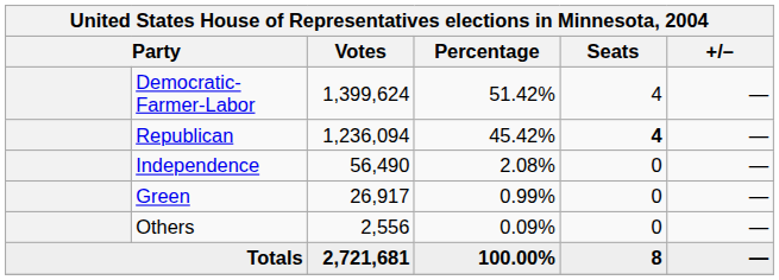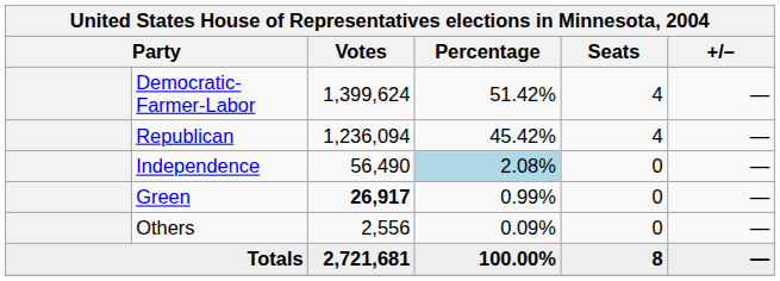 <table class="wikitable" style="font-size: 95%;">
 <tr>
 <th colspan="6">United States House of Representatives elections in Minnesota, 2004 </th>
 </tr>
 <tr>
 <th colspan=2 style="width: 15em">Party</th>
 <th style="width: 5em">Votes</th>
 <th style="width: 7em">Percentage</th>
 <th style="width: 5em">Seats</th>
 <th style="width: 5em">+/–</th>
 </tr>
 <tr>
 <th style="background-color:"></th>
 <td style="width: 130px"><a href='#'>Democratic-Farmer-Labor</a></td>
 <td align="right">1,399,624</td>
 <td align="right">51.42%</td>
 <td align="right">4</td>
 <td align="right">—</td>
 </tr>
 <tr>
 <th style="background-color:"></th>
 <td style="width: 130px"><a href='#'>Republican</a></td>
 <td align="right">1,236,094</td>
 <td align="right">45.42%</td>
-<td align="right"><strong>4</strong></td>
+<td align="right">4</td>
 <td align="right">—</td>
 </tr>
 <tr>
 <th style="background-color:"></th>
 <td style="width: 130px"><a href='#'>Independence</a></td>
 <td align="right">56,490</td>
-<td align="right">2.08%</td>
+<td align="right" style="background: lightblue;">2.08%</td>
 <td align="right">0</td>
 <td align="right">—</td>
 </tr>
 <tr>
 <th style="background-color:"></th>
 <td style="width: 130px"><a href='#'>Green</a></td>
-<td align="right">26,917</td>
+<td align="right"><strong>26,917</strong></td>
 <td align="right">0.99%</td>
 <td align="right">0</td>
 <td align="right">—</td>
 </tr>
 <tr>
 <th style="background-color:"></th>
 <td style="width: 130px">Others</td>
 <td align="right">2,556</td>
 <td align="right">0.09%</td>
 <td align="right">0</td>
 <td align="right">—</td>
 </tr>
 <tr bgcolor="#EEEEEE">
 <td colspan="2" align="right"><strong>Totals</strong></td>
 <td align="right"><strong>2,721,681</strong></td>
 <td align="right"><strong>100.00%</strong></td>
 <td align="right"><strong>8</strong></td>
 <td align="right"><strong>—</strong></td>
 </tr>
 <tr bgcolor="#EEEEEE">
 </tr>
 </table>
